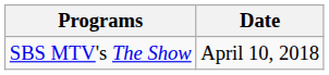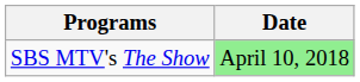 <table class="wikitable">
 <tr>
 <th>Programs</th>
 <th>Date</th>
 </tr>
 <tr>
 <td><a href='#'>SBS MTV</a>'s <em><a href='#'>The Show</a></em></td>
-<td>April 10, 2018</td>
+<td style="background: lightgreen;">April 10, 2018</td>
 </tr>
 </table>
